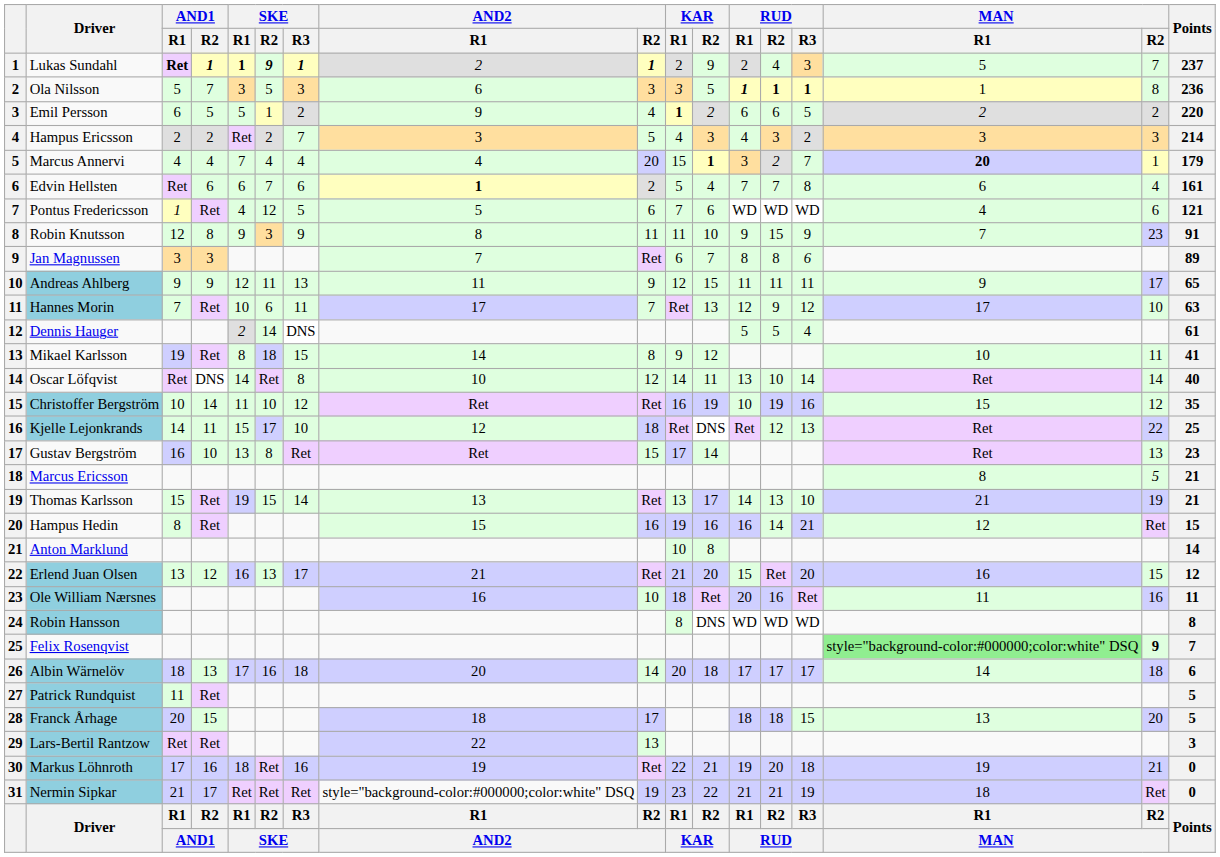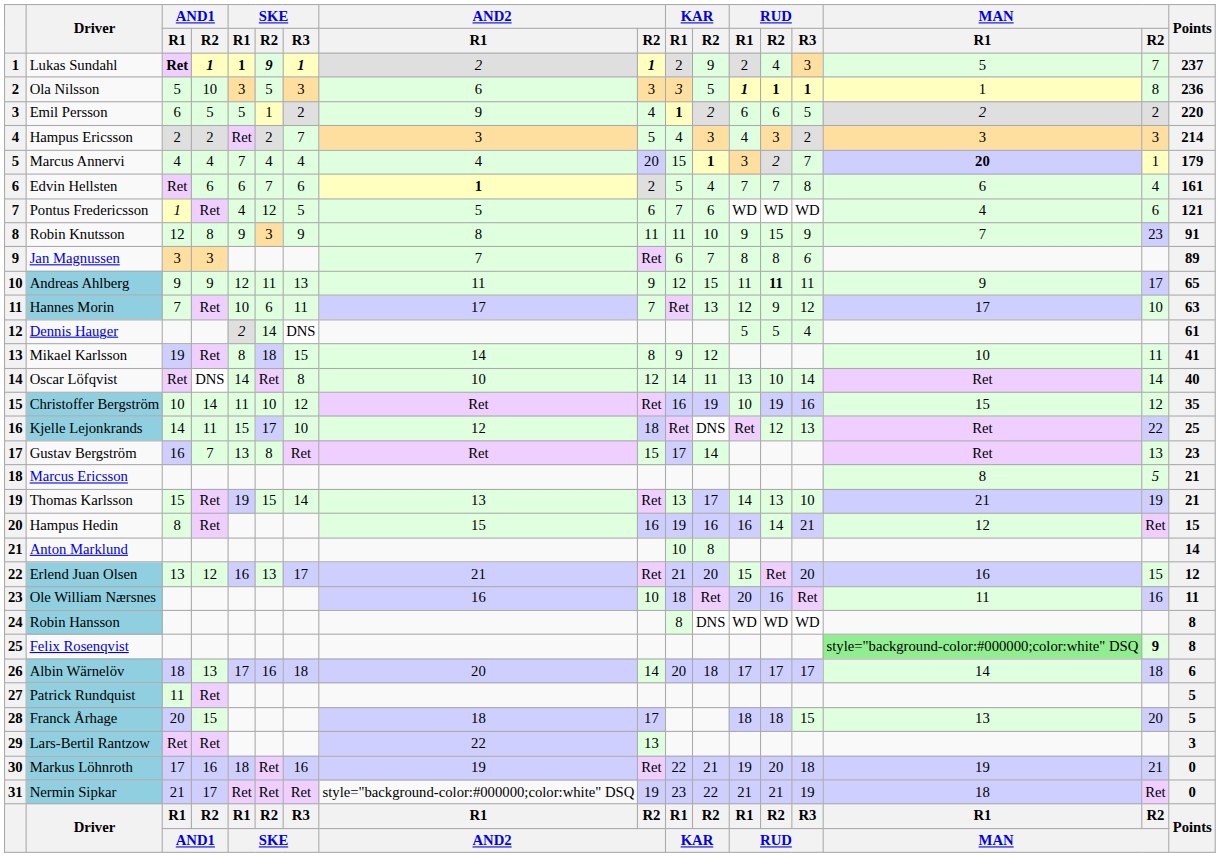 <table class="wikitable" style="font-size: 85%; text-align:center;">
 <tr>
 <th rowspan="2"></th>
 <th rowspan="2">Driver</th>
 <th colspan="2"><a href='#'>AND1</a><br></th>
 <th colspan="3"><a href='#'>SKE</a><br></th>
 <th colspan="2"><a href='#'>AND2</a><br></th>
 <th colspan="2"><a href='#'>KAR</a><br></th>
 <th colspan="3"><a href='#'>RUD</a><br></th>
 <th colspan="2"><a href='#'>MAN</a><br></th>
 <th rowspan="2">Points</th>
 </tr>
 <tr>
 <th>R1</th>
 <th>R2</th>
 <th>R1</th>
 <th>R2</th>
 <th>R3</th>
 <th>R1</th>
 <th>R2</th>
 <th>R1</th>
 <th>R2</th>
 <th>R1</th>
 <th>R2</th>
 <th>R3</th>
 <th>R1</th>
 <th>R2</th>
 </tr>
 <tr>
 <th>1</th>
 <td align="left"> Lukas Sundahl</td>
 <td style="background:#efcfff;"><strong>Ret</strong></td>
 <td style="background:#ffffbf;"><strong><em>1</em></strong></td>
 <td style="background:#ffffbf;"><strong>1</strong></td>
 <td style="background:#dfffdf;"><strong><em>9</em></strong></td>
 <td style="background:#ffffbf;"><strong><em>1</em></strong></td>
 <td style="background:#dfdfdf;"><em>2</em></td>
 <td style="background:#ffffbf;"><strong><em>1</em></strong></td>
 <td style="background:#dfdfdf;">2</td>
 <td style="background:#dfffdf;">9</td>
 <td style="background:#dfdfdf;">2</td>
 <td style="background:#dfffdf;">4</td>
 <td style="background:#ffdf9f;">3</td>
 <td style="background:#dfffdf;">5</td>
 <td style="background:#dfffdf;">7</td>
 <th>237</th>
 </tr>
 <tr>
 <th>2</th>
 <td align="left"> Ola Nilsson</td>
 <td style="background:#dfffdf;">5</td>
-<td style="background:#dfffdf;">7</td>
+<td style="background:#dfffdf;">10</td>
 <td style="background:#ffdf9f;">3</td>
 <td style="background:#dfffdf;">5</td>
 <td style="background:#ffdf9f;">3</td>
 <td style="background:#dfffdf;">6</td>
 <td style="background:#ffdf9f;">3</td>
 <td style="background:#ffdf9f;"><em>3</em></td>
 <td style="background:#dfffdf;">5</td>
 <td style="background:#ffffbf;"><strong><em>1</em></strong></td>
 <td style="background:#ffffbf;"><strong>1</strong></td>
 <td style="background:#ffffbf;"><strong>1</strong></td>
 <td style="background:#ffffbf;">1</td>
 <td style="background:#dfffdf;">8</td>
 <th>236</th>
 </tr>
 <tr>
 <th>3</th>
 <td align="left"> Emil Persson</td>
 <td style="background:#dfffdf;">6</td>
 <td style="background:#dfffdf;">5</td>
 <td style="background:#dfffdf;">5</td>
 <td style="background:#ffffbf;">1</td>
 <td style="background:#dfdfdf;">2</td>
 <td style="background:#dfffdf;">9</td>
 <td style="background:#dfffdf;">4</td>
 <td style="background:#ffffbf;"><strong>1</strong></td>
 <td style="background:#dfdfdf;"><em>2</em></td>
 <td style="background:#dfffdf;">6</td>
 <td style="background:#dfffdf;">6</td>
 <td style="background:#dfffdf;">5</td>
 <td style="background:#dfdfdf;"><em>2</em></td>
 <td style="background:#dfdfdf;">2</td>
 <th>220</th>
 </tr>
 <tr>
 <th>4</th>
 <td align="left"> Hampus Ericsson</td>
 <td style="background:#dfdfdf;">2</td>
 <td style="background:#dfdfdf;">2</td>
 <td style="background:#efcfff;">Ret</td>
 <td style="background:#dfdfdf;">2</td>
 <td style="background:#dfffdf;">7</td>
 <td style="background:#ffdf9f;">3</td>
 <td style="background:#dfffdf;">5</td>
 <td style="background:#dfffdf;">4</td>
 <td style="background:#ffdf9f;">3</td>
 <td style="background:#dfffdf;">4</td>
 <td style="background:#ffdf9f;">3</td>
 <td style="background:#dfdfdf;">2</td>
 <td style="background:#ffdf9f;">3</td>
 <td style="background:#ffdf9f;">3</td>
 <th>214</th>
 </tr>
 <tr>
 <th>5</th>
 <td align="left"> Marcus Annervi</td>
 <td style="background:#dfffdf;">4</td>
 <td style="background:#dfffdf;">4</td>
 <td style="background:#dfffdf;">7</td>
 <td style="background:#dfffdf;">4</td>
 <td style="background:#dfffdf;">4</td>
 <td style="background:#dfffdf;">4</td>
 <td style="background:#cfcfff;">20</td>
 <td style="background:#dfffdf;">15</td>
 <td style="background:#ffffbf;"><strong>1</strong></td>
 <td style="background:#ffdf9f;">3</td>
 <td style="background:#dfdfdf;"><em>2</em></td>
 <td style="background:#dfffdf;">7</td>
 <td style="background:#cfcfff;"><strong>20</strong></td>
 <td style="background:#ffffbf;">1</td>
 <th>179</th>
 </tr>
 <tr>
 <th>6</th>
 <td align="left"> Edvin Hellsten</td>
 <td style="background:#efcfff;">Ret</td>
 <td style="background:#dfffdf;">6</td>
 <td style="background:#dfffdf;">6</td>
 <td style="background:#dfffdf;">7</td>
 <td style="background:#dfffdf;">6</td>
 <td style="background:#ffffbf;"><strong>1</strong></td>
 <td style="background:#dfdfdf;">2</td>
 <td style="background:#dfffdf;">5</td>
 <td style="background:#dfffdf;">4</td>
 <td style="background:#dfffdf;">7</td>
 <td style="background:#dfffdf;">7</td>
 <td style="background:#dfffdf;">8</td>
 <td style="background:#dfffdf;">6</td>
 <td style="background:#dfffdf;">4</td>
 <th>161</th>
 </tr>
 <tr>
 <th>7</th>
 <td align="left"> Pontus Fredericsson</td>
 <td style="background:#ffffbf;"><em>1</em></td>
 <td style="background:#efcfff;">Ret</td>
 <td style="background:#dfffdf;">4</td>
 <td style="background:#dfffdf;">12</td>
 <td style="background:#dfffdf;">5</td>
 <td style="background:#dfffdf;">5</td>
 <td style="background:#dfffdf;">6</td>
 <td style="background:#dfffdf;">7</td>
 <td style="background:#dfffdf;">6</td>
 <td style="background:#ffffff;">WD</td>
 <td style="background:#ffffff;">WD</td>
 <td style="background:#ffffff;">WD</td>
 <td style="background:#dfffdf;">4</td>
 <td style="background:#dfffdf;">6</td>
 <th>121</th>
 </tr>
 <tr>
 <th>8</th>
 <td align="left"> Robin Knutsson</td>
 <td style="background:#dfffdf;">12</td>
 <td style="background:#dfffdf;">8</td>
 <td style="background:#dfffdf;">9</td>
 <td style="background:#ffdf9f;">3</td>
 <td style="background:#dfffdf;">9</td>
 <td style="background:#dfffdf;">8</td>
 <td style="background:#dfffdf;">11</td>
 <td style="background:#dfffdf;">11</td>
 <td style="background:#dfffdf;">10</td>
 <td style="background:#dfffdf;">9</td>
 <td style="background:#dfffdf;">15</td>
 <td style="background:#dfffdf;">9</td>
 <td style="background:#dfffdf;">7</td>
 <td style="background:#cfcfff;">23</td>
 <th>91</th>
 </tr>
 <tr>
 <th>9</th>
 <td align="left"> <a href='#'>Jan Magnussen</a></td>
 <td style="background:#ffdf9f;">3</td>
 <td style="background:#ffdf9f;">3</td>
 <td></td>
 <td></td>
 <td></td>
 <td style="background:#dfffdf;">7</td>
 <td style="background:#efcfff;">Ret</td>
 <td style="background:#dfffdf;">6</td>
 <td style="background:#dfffdf;">7</td>
 <td style="background:#dfffdf;">8</td>
 <td style="background:#dfffdf;">8</td>
 <td style="background:#dfffdf;"><em>6</em></td>
 <td></td>
 <td></td>
 <th>89</th>
 </tr>
 <tr>
 <th>10</th>
 <td align="left" style="background:#8FCFDF;"> Andreas Ahlberg</td>
 <td style="background:#dfffdf;">9</td>
 <td style="background:#dfffdf;">9</td>
 <td style="background:#dfffdf;">12</td>
 <td style="background:#dfffdf;">11</td>
 <td style="background:#dfffdf;">13</td>
 <td style="background:#dfffdf;">11</td>
 <td style="background:#dfffdf;">9</td>
 <td style="background:#dfffdf;">12</td>
 <td style="background:#dfffdf;">15</td>
 <td style="background:#dfffdf;">11</td>
-<td style="background:#dfffdf;">11</td>
+<td style="background:#dfffdf;"><strong>11</strong></td>
 <td style="background:#dfffdf;">11</td>
 <td style="background:#dfffdf;">9</td>
 <td style="background:#cfcfff;">17</td>
 <th>65</th>
 </tr>
 <tr>
 <th>11</th>
 <td align="left" style="background:#8FCFDF;"> Hannes Morin</td>
 <td style="background:#dfffdf;">7</td>
 <td style="background:#efcfff;">Ret</td>
 <td style="background:#dfffdf;">10</td>
 <td style="background:#dfffdf;">6</td>
 <td style="background:#dfffdf;">11</td>
 <td style="background:#cfcfff;">17</td>
 <td style="background:#dfffdf;">7</td>
 <td style="background:#efcfff;">Ret</td>
 <td style="background:#dfffdf;">13</td>
 <td style="background:#dfffdf;">12</td>
 <td style="background:#dfffdf;">9</td>
 <td style="background:#dfffdf;">12</td>
 <td style="background:#cfcfff;">17</td>
 <td style="background:#dfffdf;">10</td>
 <th>63</th>
 </tr>
 <tr>
 <th>12</th>
 <td align="left"> <a href='#'>Dennis Hauger</a></td>
 <td></td>
 <td></td>
 <td style="background:#dfdfdf;"><em>2</em></td>
 <td style="background:#dfffdf;">14</td>
 <td style="background:#ffffff;">DNS</td>
 <td></td>
 <td></td>
 <td></td>
 <td></td>
 <td style="background:#dfffdf;">5</td>
 <td style="background:#dfffdf;">5</td>
 <td style="background:#dfffdf;">4</td>
 <td></td>
 <td></td>
 <th>61</th>
 </tr>
 <tr>
 <th>13</th>
 <td align="left"> Mikael Karlsson</td>
 <td style="background:#cfcfff;">19</td>
 <td style="background:#efcfff;">Ret</td>
 <td style="background:#dfffdf;">8</td>
 <td style="background:#cfcfff;">18</td>
 <td style="background:#dfffdf;">15</td>
 <td style="background:#dfffdf;">14</td>
 <td style="background:#dfffdf;">8</td>
 <td style="background:#dfffdf;">9</td>
 <td style="background:#dfffdf;">12</td>
 <td></td>
 <td></td>
 <td></td>
 <td style="background:#dfffdf;">10</td>
 <td style="background:#dfffdf;">11</td>
 <th>41</th>
 </tr>
 <tr>
 <th>14</th>
 <td align="left"> Oscar Löfqvist</td>
 <td style="background:#efcfff;">Ret</td>
 <td style="background:#ffffff;">DNS</td>
 <td style="background:#dfffdf;">14</td>
 <td style="background:#efcfff;">Ret</td>
 <td style="background:#dfffdf;">8</td>
 <td style="background:#dfffdf;">10</td>
 <td style="background:#dfffdf;">12</td>
 <td style="background:#dfffdf;">14</td>
 <td style="background:#dfffdf;">11</td>
 <td style="background:#dfffdf;">13</td>
 <td style="background:#dfffdf;">10</td>
 <td style="background:#dfffdf;">14</td>
 <td style="background:#efcfff;">Ret</td>
 <td style="background:#dfffdf;">14</td>
 <th>40</th>
 </tr>
 <tr>
 <th>15</th>
 <td align="left" style="background:#8FCFDF;"> Christoffer Bergström</td>
 <td style="background:#dfffdf;">10</td>
 <td style="background:#dfffdf;">14</td>
 <td style="background:#dfffdf;">11</td>
 <td style="background:#dfffdf;">10</td>
 <td style="background:#dfffdf;">12</td>
 <td style="background:#efcfff;">Ret</td>
 <td style="background:#efcfff;">Ret</td>
 <td style="background:#cfcfff;">16</td>
 <td style="background:#cfcfff;">19</td>
 <td style="background:#dfffdf;">10</td>
 <td style="background:#cfcfff;">19</td>
 <td style="background:#cfcfff;">16</td>
 <td style="background:#dfffdf;">15</td>
 <td style="background:#dfffdf;">12</td>
 <th>35</th>
 </tr>
 <tr>
 <th>16</th>
 <td align="left" style="background:#8FCFDF;"> Kjelle Lejonkrands</td>
 <td style="background:#dfffdf;">14</td>
 <td style="background:#dfffdf;">11</td>
 <td style="background:#dfffdf;">15</td>
 <td style="background:#cfcfff;">17</td>
 <td style="background:#dfffdf;">10</td>
 <td style="background:#dfffdf;">12</td>
 <td style="background:#cfcfff;">18</td>
 <td style="background:#efcfff;">Ret</td>
 <td style="background:#ffffff;">DNS</td>
 <td style="background:#efcfff;">Ret</td>
 <td style="background:#dfffdf;">12</td>
 <td style="background:#dfffdf;">13</td>
 <td style="background:#efcfff;">Ret</td>
 <td style="background:#cfcfff;">22</td>
 <th>25</th>
 </tr>
 <tr>
 <th>17</th>
 <td align="left"> Gustav Bergström</td>
 <td style="background:#cfcfff;">16</td>
-<td style="background:#dfffdf;">10</td>
+<td style="background:#dfffdf;">7</td>
 <td style="background:#dfffdf;">13</td>
 <td style="background:#dfffdf;">8</td>
 <td style="background:#efcfff;">Ret</td>
 <td style="background:#efcfff;">Ret</td>
 <td style="background:#dfffdf;">15</td>
 <td style="background:#cfcfff;">17</td>
 <td style="background:#dfffdf;">14</td>
 <td></td>
 <td></td>
 <td></td>
 <td style="background:#efcfff;">Ret</td>
 <td style="background:#dfffdf;">13</td>
 <th>23</th>
 </tr>
 <tr>
 <th>18</th>
 <td align="left"> <a href='#'>Marcus Ericsson</a></td>
 <td></td>
 <td></td>
 <td></td>
 <td></td>
 <td></td>
 <td></td>
 <td></td>
 <td></td>
 <td></td>
 <td></td>
 <td></td>
 <td></td>
 <td style="background:#dfffdf;">8</td>
 <td style="background:#dfffdf;"><em>5</em></td>
 <th>21</th>
 </tr>
 <tr>
 <th>19</th>
 <td align="left"> Thomas Karlsson</td>
 <td style="background:#dfffdf;">15</td>
 <td style="background:#efcfff;">Ret</td>
 <td style="background:#cfcfff;">19</td>
 <td style="background:#dfffdf;">15</td>
 <td style="background:#dfffdf;">14</td>
 <td style="background:#dfffdf;">13</td>
 <td style="background:#efcfff;">Ret</td>
 <td style="background:#dfffdf;">13</td>
 <td style="background:#cfcfff;">17</td>
 <td style="background:#dfffdf;">14</td>
 <td style="background:#dfffdf;">13</td>
 <td style="background:#dfffdf;">10</td>
 <td style="background:#cfcfff;">21</td>
 <td style="background:#cfcfff;">19</td>
 <th>21</th>
 </tr>
 <tr>
 <th>20</th>
 <td align="left"> Hampus Hedin</td>
 <td style="background:#dfffdf;">8</td>
 <td style="background:#efcfff;">Ret</td>
 <td></td>
 <td></td>
 <td></td>
 <td style="background:#dfffdf;">15</td>
 <td style="background:#cfcfff;">16</td>
 <td style="background:#cfcfff;">19</td>
 <td style="background:#cfcfff;">16</td>
 <td style="background:#cfcfff;">16</td>
 <td style="background:#dfffdf;">14</td>
 <td style="background:#cfcfff;">21</td>
 <td style="background:#dfffdf;">12</td>
 <td style="background:#efcfff;">Ret</td>
 <th>15</th>
 </tr>
 <tr>
 <th>21</th>
 <td align="left"> <a href='#'>Anton Marklund</a></td>
 <td></td>
 <td></td>
 <td></td>
 <td></td>
 <td></td>
 <td></td>
 <td></td>
 <td style="background:#dfffdf;">10</td>
 <td style="background:#dfffdf;">8</td>
 <td></td>
 <td></td>
 <td></td>
 <td></td>
 <td></td>
 <th>14</th>
 </tr>
 <tr>
 <th>22</th>
 <td align="left" style="background:#8FCFDF;"> Erlend Juan Olsen</td>
 <td style="background:#dfffdf;">13</td>
 <td style="background:#dfffdf;">12</td>
 <td style="background:#cfcfff;">16</td>
 <td style="background:#dfffdf;">13</td>
 <td style="background:#cfcfff;">17</td>
 <td style="background:#cfcfff;">21</td>
 <td style="background:#efcfff;">Ret</td>
 <td style="background:#cfcfff;">21</td>
 <td style="background:#cfcfff;">20</td>
 <td style="background:#dfffdf;">15</td>
 <td style="background:#efcfff;">Ret</td>
 <td style="background:#cfcfff;">20</td>
 <td style="background:#cfcfff;">16</td>
 <td style="background:#dfffdf;">15</td>
 <th>12</th>
 </tr>
 <tr>
 <th>23</th>
 <td align="left" style="background:#8FCFDF;"> Ole William Nærsnes</td>
 <td></td>
 <td></td>
 <td></td>
 <td></td>
 <td></td>
 <td style="background:#cfcfff;">16</td>
 <td style="background:#dfffdf;">10</td>
 <td style="background:#cfcfff;">18</td>
 <td style="background:#efcfff;">Ret</td>
 <td style="background:#cfcfff;">20</td>
 <td style="background:#cfcfff;">16</td>
 <td style="background:#efcfff;">Ret</td>
 <td style="background:#dfffdf;">11</td>
 <td style="background:#cfcfff;">16</td>
 <th>11</th>
 </tr>
 <tr>
 <th>24</th>
 <td align="left" style="background:#8FCFDF;"> Robin Hansson</td>
 <td></td>
 <td></td>
 <td></td>
 <td></td>
 <td></td>
 <td></td>
 <td></td>
 <td style="background:#dfffdf;">8</td>
 <td style="background:#ffffff;">DNS</td>
 <td style="background:#ffffff;">WD</td>
 <td style="background:#ffffff;">WD</td>
 <td style="background:#ffffff;">WD</td>
 <td></td>
 <td></td>
 <th>8</th>
 </tr>
 <tr>
 <th>25</th>
 <td align="left"> <a href='#'>Felix Rosenqvist</a></td>
 <td></td>
 <td></td>
 <td></td>
 <td></td>
 <td></td>
 <td></td>
 <td></td>
 <td></td>
 <td></td>
 <td></td>
 <td></td>
 <td></td>
 <td style="background: lightgreen;">style="background-color:#000000;color:white" DSQ</td>
 <td style="background:#dfffdf;"><strong>9</strong></td>
-<th>7</th>
+<th>8</th>
 </tr>
 <tr>
 <th>26</th>
 <td align="left" style="background:#8FCFDF;"> Albin Wärnelöv</td>
 <td style="background:#cfcfff;">18</td>
 <td style="background:#dfffdf;">13</td>
 <td style="background:#cfcfff;">17</td>
 <td style="background:#cfcfff;">16</td>
 <td style="background:#cfcfff;">18</td>
 <td style="background:#cfcfff;">20</td>
 <td style="background:#dfffdf;">14</td>
 <td style="background:#cfcfff;">20</td>
 <td style="background:#cfcfff;">18</td>
 <td style="background:#cfcfff;">17</td>
 <td style="background:#cfcfff;">17</td>
 <td style="background:#cfcfff;">17</td>
 <td style="background:#dfffdf;">14</td>
 <td style="background:#cfcfff;">18</td>
 <th>6</th>
 </tr>
 <tr>
 <th>27</th>
 <td align="left" style="background:#8FCFDF;"> Patrick Rundquist</td>
 <td style="background:#dfffdf;">11</td>
 <td style="background:#efcfff;">Ret</td>
 <td></td>
 <td></td>
 <td></td>
 <td></td>
 <td></td>
 <td></td>
 <td></td>
 <td></td>
 <td></td>
 <td></td>
 <td></td>
 <td></td>
 <th>5</th>
 </tr>
 <tr>
 <th>28</th>
 <td align="left" style="background:#8FCFDF;"> Franck Århage</td>
 <td style="background:#cfcfff;">20</td>
 <td style="background:#dfffdf;">15</td>
 <td></td>
 <td></td>
 <td></td>
 <td style="background:#cfcfff;">18</td>
 <td style="background:#cfcfff;">17</td>
 <td></td>
 <td></td>
 <td style="background:#cfcfff;">18</td>
 <td style="background:#cfcfff;">18</td>
 <td style="background:#dfffdf;">15</td>
 <td style="background:#dfffdf;">13</td>
 <td style="background:#cfcfff;">20</td>
 <th>5</th>
 </tr>
 <tr>
 <th>29</th>
 <td align="left" style="background:#8FCFDF;"> Lars-Bertil Rantzow</td>
 <td style="background:#efcfff;">Ret</td>
 <td style="background:#efcfff;">Ret</td>
 <td></td>
 <td></td>
 <td></td>
 <td style="background:#cfcfff;">22</td>
 <td style="background:#dfffdf;">13</td>
 <td></td>
 <td></td>
 <td></td>
 <td></td>
 <td></td>
 <td></td>
 <td></td>
 <th>3</th>
 </tr>
 <tr>
 <th>30</th>
 <td align="left" style="background:#8FCFDF;"> Markus Löhnroth</td>
 <td style="background:#cfcfff;">17</td>
 <td style="background:#cfcfff;">16</td>
 <td style="background:#cfcfff;">18</td>
 <td style="background:#efcfff;">Ret</td>
 <td style="background:#cfcfff;">16</td>
 <td style="background:#cfcfff;">19</td>
 <td style="background:#efcfff;">Ret</td>
 <td style="background:#cfcfff;">22</td>
 <td style="background:#cfcfff;">21</td>
 <td style="background:#cfcfff;">19</td>
 <td style="background:#cfcfff;">20</td>
 <td style="background:#cfcfff;">18</td>
 <td style="background:#cfcfff;">19</td>
 <td style="background:#cfcfff;">21</td>
 <th>0</th>
 </tr>
 <tr>
 <th>31</th>
 <td align="left" style="background:#8FCFDF;"> Nermin Sipkar</td>
 <td style="background:#cfcfff;">21</td>
 <td style="background:#cfcfff;">17</td>
 <td style="background:#efcfff;">Ret</td>
 <td style="background:#efcfff;">Ret</td>
 <td style="background:#efcfff;">Ret</td>
 <td>style="background-color:#000000;color:white" DSQ</td>
 <td style="background:#cfcfff;">19</td>
 <td style="background:#cfcfff;">23</td>
 <td style="background:#cfcfff;">22</td>
 <td style="background:#cfcfff;">21</td>
 <td style="background:#cfcfff;">21</td>
 <td style="background:#cfcfff;">19</td>
 <td style="background:#cfcfff;">18</td>
 <td style="background:#efcfff;">Ret</td>
 <th>0</th>
 </tr>
 <tr>
 <th rowspan="2"></th>
 <th rowspan="2">Driver</th>
 <th>R1</th>
 <th>R2</th>
 <th>R1</th>
 <th>R2</th>
 <th>R3</th>
 <th>R1</th>
 <th>R2</th>
 <th>R1</th>
 <th>R2</th>
 <th>R1</th>
 <th>R2</th>
 <th>R3</th>
 <th>R1</th>
 <th>R2</th>
 <th rowspan="2">Points</th>
 </tr>
 <tr>
 <th colspan="2"><a href='#'>AND1</a><br></th>
 <th colspan="3"><a href='#'>SKE</a><br></th>
 <th colspan="2"><a href='#'>AND2</a><br></th>
 <th colspan="2"><a href='#'>KAR</a><br></th>
 <th colspan="3"><a href='#'>RUD</a><br></th>
 <th colspan="2"><a href='#'>MAN</a><br></th>
 </tr>
 </table>
